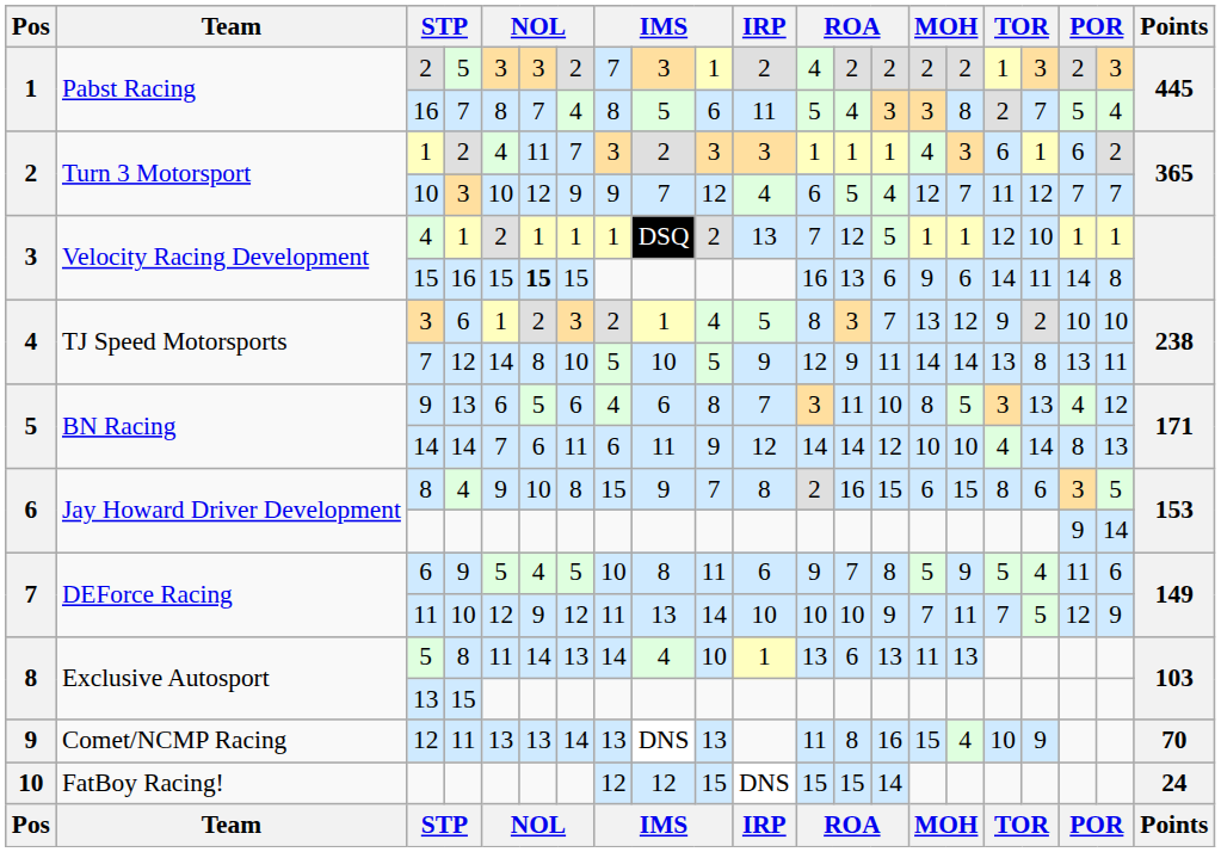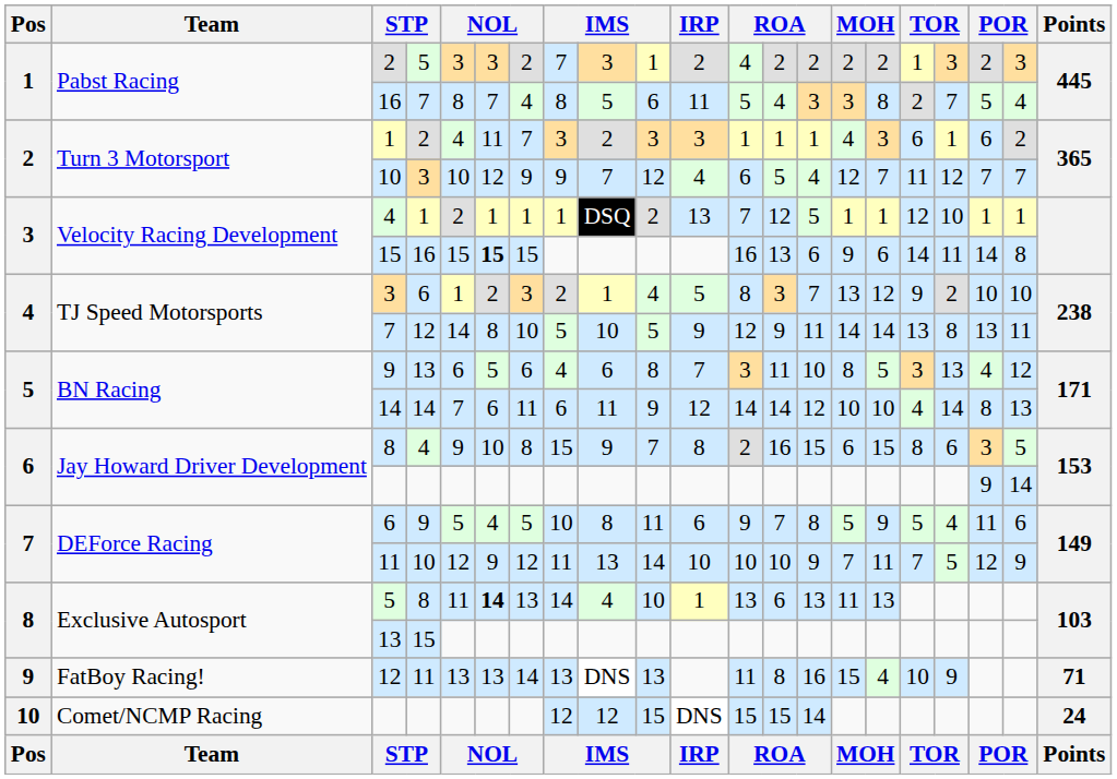 <table class="wikitable" style="font-size:85%; text-align:center">
 <tr>
 <th valign="middle">Pos</th>
 <th valign="middle">Team</th>
 <th colspan="2"><a href='#'>STP</a></th>
 <th colspan="3"><a href='#'>NOL</a></th>
 <th colspan="3"><a href='#'>IMS</a></th>
 <th><a href='#'>IRP</a></th>
 <th colspan="3"><a href='#'>ROA</a></th>
 <th colspan="2"><a href='#'>MOH</a></th>
 <th colspan="2"><a href='#'>TOR</a></th>
 <th colspan="2"><a href='#'>POR</a></th>
 <th valign="middle">Points</th>
 </tr>
 <tr>
 <th rowspan="2">1</th>
 <td rowspan="2" align="left"><a href='#'>Pabst Racing</a></td>
 <td style="background:#DFDFDF;">2</td>
 <td style="background:#DFFFDF;">5</td>
 <td style="background:#FFDF9F;">3</td>
 <td style="background:#FFDF9F;">3</td>
 <td style="background:#DFDFDF;">2</td>
 <td style="background:#CFEAFF;">7</td>
 <td style="background:#FFDF9F;">3</td>
 <td style="background:#FFFFBF;">1</td>
 <td style="background:#DFDFDF;">2</td>
 <td style="background:#DFFFDF;">4</td>
 <td style="background:#DFDFDF;">2</td>
 <td style="background:#DFDFDF;">2</td>
 <td style="background:#DFDFDF;">2</td>
 <td style="background:#DFDFDF;">2</td>
 <td style="background:#FFFFBF;">1</td>
 <td style="background:#FFDF9F;">3</td>
 <td style="background:#DFDFDF;">2</td>
 <td style="background:#FFDF9F;">3</td>
 <th rowspan="2">445</th>
 </tr>
 <tr>
 <td style="background:#CFEAFF;">16</td>
 <td style="background:#CFEAFF;">7</td>
 <td style="background:#CFEAFF;">8</td>
 <td style="background:#CFEAFF;">7</td>
 <td style="background:#DFFFDF;">4</td>
 <td style="background:#CFEAFF;">8</td>
 <td style="background:#DFFFDF;">5</td>
 <td style="background:#CFEAFF;">6</td>
 <td style="background:#CFEAFF;">11</td>
 <td style="background:#DFFFDF;">5</td>
 <td style="background:#DFFFDF;">4</td>
 <td style="background:#FFDF9F;">3</td>
 <td style="background:#FFDF9F;">3</td>
 <td style="background:#CFEAFF;">8</td>
 <td style="background:#DFDFDF;">2</td>
 <td style="background:#CFEAFF;">7</td>
 <td style="background:#DFFFDF;">5</td>
 <td style="background:#DFFFDF;">4</td>
 </tr>
 <tr>
 <th rowspan="2">2</th>
 <td rowspan="2" align="left"><a href='#'>Turn 3 Motorsport</a></td>
 <td style="background:#FFFFBF;">1</td>
 <td style="background:#DFDFDF;">2</td>
 <td style="background:#DFFFDF;">4</td>
 <td style="background:#CFEAFF;">11</td>
 <td style="background:#CFEAFF;">7</td>
 <td style="background:#FFDF9F;">3</td>
 <td style="background:#DFDFDF;">2</td>
 <td style="background:#FFDF9F;">3</td>
 <td style="background:#FFDF9F;">3</td>
 <td style="background:#FFFFBF;">1</td>
 <td style="background:#FFFFBF;">1</td>
 <td style="background:#FFFFBF;">1</td>
 <td style="background:#DFFFDF;">4</td>
 <td style="background:#FFDF9F;">3</td>
 <td style="background:#CFEAFF;">6</td>
 <td style="background:#FFFFBF;">1</td>
 <td style="background:#CFEAFF;">6</td>
 <td style="background:#DFDFDF;">2</td>
 <th rowspan="2">365</th>
 </tr>
 <tr>
 <td style="background:#CFEAFF;">10</td>
 <td style="background:#FFDF9F;">3</td>
 <td style="background:#CFEAFF;">10</td>
 <td style="background:#CFEAFF;">12</td>
 <td style="background:#CFEAFF;">9</td>
 <td style="background:#CFEAFF;">9</td>
 <td style="background:#CFEAFF;">7</td>
 <td style="background:#CFEAFF;">12</td>
 <td style="background:#DFFFDF;">4</td>
 <td style="background:#CFEAFF;">6</td>
 <td style="background:#DFFFDF;">5</td>
 <td style="background:#DFFFDF;">4</td>
 <td style="background:#CFEAFF;">12</td>
 <td style="background:#CFEAFF;">7</td>
 <td style="background:#CFEAFF;">11</td>
 <td style="background:#CFEAFF;">12</td>
 <td style="background:#CFEAFF;">7</td>
 <td style="background:#CFEAFF;">7</td>
 </tr>
 <tr>
 <th rowspan="2">3</th>
 <td rowspan="2" align="left"><a href='#'>Velocity Racing Development</a></td>
 <td style="background:#DFFFDF;">4</td>
 <td style="background:#FFFFBF;">1</td>
 <td style="background:#DFDFDF;">2</td>
 <td style="background:#FFFFBF;">1</td>
 <td style="background:#FFFFBF;">1</td>
 <td style="background:#FFFFBF;">1</td>
 <td style="background:#000000; color:white;">DSQ</td>
 <td style="background:#DFDFDF;">2</td>
 <td style="background:#CFEAFF;">13</td>
 <td style="background:#CFEAFF;">7</td>
 <td style="background:#CFEAFF;">12</td>
 <td style="background:#DFFFDF;">5</td>
 <td style="background:#FFFFBF;">1</td>
 <td style="background:#FFFFBF;">1</td>
 <td style="background:#CFEAFF;">12</td>
 <td style="background:#CFEAFF;">10</td>
 <td style="background:#FFFFBF;">1</td>
 <td style="background:#FFFFBF;">1</td>
 <th rowspan="2"></th>
 </tr>
 <tr>
 <td style="background:#CFEAFF;">15</td>
 <td style="background:#CFEAFF;">16</td>
 <td style="background:#CFEAFF;">15</td>
 <td style="background:#CFEAFF;"><strong>15</strong></td>
 <td style="background:#CFEAFF;">15</td>
 <td></td>
 <td></td>
 <td></td>
 <td></td>
 <td style="background:#CFEAFF;">16</td>
 <td style="background:#CFEAFF;">13</td>
 <td style="background:#CFEAFF;">6</td>
 <td style="background:#CFEAFF;">9</td>
 <td style="background:#CFEAFF;">6</td>
 <td style="background:#CFEAFF;">14</td>
 <td style="background:#CFEAFF;">11</td>
 <td style="background:#CFEAFF;">14</td>
 <td style="background:#CFEAFF;">8</td>
 </tr>
 <tr>
 <th rowspan="2">4</th>
 <td rowspan="2" align="left">TJ Speed Motorsports</td>
 <td style="background:#FFDF9F;">3</td>
 <td style="background:#CFEAFF;">6</td>
 <td style="background:#FFFFBF;">1</td>
 <td style="background:#DFDFDF;">2</td>
 <td style="background:#FFDF9F;">3</td>
 <td style="background:#DFDFDF;">2</td>
 <td style="background:#FFFFBF;">1</td>
 <td style="background:#DFFFDF;">4</td>
 <td style="background:#DFFFDF;">5</td>
 <td style="background:#CFEAFF;">8</td>
 <td style="background:#FFDF9F;">3</td>
 <td style="background:#CFEAFF;">7</td>
 <td style="background:#CFEAFF;">13</td>
 <td style="background:#CFEAFF;">12</td>
 <td style="background:#CFEAFF;">9</td>
 <td style="background:#DFDFDF;">2</td>
 <td style="background:#CFEAFF;">10</td>
 <td style="background:#CFEAFF;">10</td>
 <th rowspan="2">238</th>
 </tr>
 <tr>
 <td style="background:#CFEAFF;">7</td>
 <td style="background:#CFEAFF;">12</td>
 <td style="background:#CFEAFF;">14</td>
 <td style="background:#CFEAFF;">8</td>
 <td style="background:#CFEAFF;">10</td>
 <td style="background:#DFFFDF;">5</td>
 <td style="background:#CFEAFF;">10</td>
 <td style="background:#DFFFDF;">5</td>
 <td style="background:#CFEAFF;">9</td>
 <td style="background:#CFEAFF;">12</td>
 <td style="background:#CFEAFF;">9</td>
 <td style="background:#CFEAFF;">11</td>
 <td style="background:#CFEAFF;">14</td>
 <td style="background:#CFEAFF;">14</td>
 <td style="background:#CFEAFF;">13</td>
 <td style="background:#CFEAFF;">8</td>
 <td style="background:#CFEAFF;">13</td>
 <td style="background:#CFEAFF;">11</td>
 </tr>
 <tr>
 <th rowspan="2">5</th>
 <td rowspan="2" align="left"><a href='#'>BN Racing</a></td>
 <td style="background:#CFEAFF;">9</td>
 <td style="background:#CFEAFF;">13</td>
 <td style="background:#CFEAFF;">6</td>
 <td style="background:#DFFFDF;">5</td>
 <td style="background:#CFEAFF;">6</td>
 <td style="background:#DFFFDF;">4</td>
 <td style="background:#CFEAFF;">6</td>
 <td style="background:#CFEAFF;">8</td>
 <td style="background:#CFEAFF;">7</td>
 <td style="background:#FFDF9F;">3</td>
 <td style="background:#CFEAFF;">11</td>
 <td style="background:#CFEAFF;">10</td>
 <td style="background:#CFEAFF;">8</td>
 <td style="background:#DFFFDF;">5</td>
 <td style="background:#FFDF9F;">3</td>
 <td style="background:#CFEAFF;">13</td>
 <td style="background:#DFFFDF;">4</td>
 <td style="background:#CFEAFF;">12</td>
 <th rowspan="2">171</th>
 </tr>
 <tr>
 <td style="background:#CFEAFF;">14</td>
 <td style="background:#CFEAFF;">14</td>
 <td style="background:#CFEAFF;">7</td>
 <td style="background:#CFEAFF;">6</td>
 <td style="background:#CFEAFF;">11</td>
 <td style="background:#CFEAFF;">6</td>
 <td style="background:#CFEAFF;">11</td>
 <td style="background:#CFEAFF;">9</td>
 <td style="background:#CFEAFF;">12</td>
 <td style="background:#CFEAFF;">14</td>
 <td style="background:#CFEAFF;">14</td>
 <td style="background:#CFEAFF;">12</td>
 <td style="background:#CFEAFF;">10</td>
 <td style="background:#CFEAFF;">10</td>
 <td style="background:#DFFFDF;">4</td>
 <td style="background:#CFEAFF;">14</td>
 <td style="background:#CFEAFF;">8</td>
 <td style="background:#CFEAFF;">13</td>
 </tr>
 <tr>
 <th rowspan="2">6</th>
 <td rowspan="2" align="left"><a href='#'>Jay Howard Driver Development</a></td>
 <td style="background:#CFEAFF;">8</td>
 <td style="background:#DFFFDF;">4</td>
 <td style="background:#CFEAFF;">9</td>
 <td style="background:#CFEAFF;">10</td>
 <td style="background:#CFEAFF;">8</td>
 <td style="background:#CFEAFF;">15</td>
 <td style="background:#CFEAFF;">9</td>
 <td style="background:#CFEAFF;">7</td>
 <td style="background:#CFEAFF;">8</td>
 <td style="background:#DFDFDF;">2</td>
 <td style="background:#CFEAFF;">16</td>
 <td style="background:#CFEAFF;">15</td>
 <td style="background:#CFEAFF;">6</td>
 <td style="background:#CFEAFF;">15</td>
 <td style="background:#CFEAFF;">8</td>
 <td style="background:#CFEAFF;">6</td>
 <td style="background:#FFDF9F;">3</td>
 <td style="background:#DFFFDF;">5</td>
 <th rowspan="2">153</th>
 </tr>
 <tr>
 <td></td>
 <td></td>
 <td></td>
 <td></td>
 <td></td>
 <td></td>
 <td></td>
 <td></td>
 <td></td>
 <td></td>
 <td></td>
 <td></td>
 <td></td>
 <td></td>
 <td></td>
 <td></td>
 <td style="background:#CFEAFF;">9</td>
 <td style="background:#CFEAFF;">14</td>
 </tr>
 <tr>
 <th rowspan="2">7</th>
 <td rowspan="2" align="left"><a href='#'>DEForce Racing</a></td>
 <td style="background:#CFEAFF;">6</td>
 <td style="background:#CFEAFF;">9</td>
 <td style="background:#DFFFDF;">5</td>
 <td style="background:#DFFFDF;">4</td>
 <td style="background:#DFFFDF;">5</td>
 <td style="background:#CFEAFF;">10</td>
 <td style="background:#CFEAFF;">8</td>
 <td style="background:#CFEAFF;">11</td>
 <td style="background:#CFEAFF;">6</td>
 <td style="background:#CFEAFF;">9</td>
 <td style="background:#CFEAFF;">7</td>
 <td style="background:#CFEAFF;">8</td>
 <td style="background:#DFFFDF;">5</td>
 <td style="background:#CFEAFF;">9</td>
 <td style="background:#DFFFDF;">5</td>
 <td style="background:#DFFFDF;">4</td>
 <td style="background:#CFEAFF;">11</td>
 <td style="background:#CFEAFF;">6</td>
 <th rowspan="2">149</th>
 </tr>
 <tr>
 <td style="background:#CFEAFF;">11</td>
 <td style="background:#CFEAFF;">10</td>
 <td style="background:#CFEAFF;">12</td>
 <td style="background:#CFEAFF;">9</td>
 <td style="background:#CFEAFF;">12</td>
 <td style="background:#CFEAFF;">11</td>
 <td style="background:#CFEAFF;">13</td>
 <td style="background:#CFEAFF;">14</td>
 <td style="background:#CFEAFF;">10</td>
 <td style="background:#CFEAFF;">10</td>
 <td style="background:#CFEAFF;">10</td>
 <td style="background:#CFEAFF;">9</td>
 <td style="background:#CFEAFF;">7</td>
 <td style="background:#CFEAFF;">11</td>
 <td style="background:#CFEAFF;">7</td>
 <td style="background:#DFFFDF;">5</td>
 <td style="background:#CFEAFF;">12</td>
 <td style="background:#CFEAFF;">9</td>
 </tr>
 <tr>
 <th rowspan="2">8</th>
 <td rowspan="2" align="left">Exclusive Autosport</td>
 <td style="background:#DFFFDF;">5</td>
 <td style="background:#CFEAFF;">8</td>
 <td style="background:#CFEAFF;">11</td>
-<td style="background:#CFEAFF;">14</td>
+<td style="background:#CFEAFF;"><strong>14</strong></td>
 <td style="background:#CFEAFF;">13</td>
 <td style="background:#CFEAFF;">14</td>
 <td style="background:#DFFFDF;">4</td>
 <td style="background:#CFEAFF;">10</td>
 <td style="background:#FFFFBF;">1</td>
 <td style="background:#CFEAFF;">13</td>
 <td style="background:#CFEAFF;">6</td>
 <td style="background:#CFEAFF;">13</td>
 <td style="background:#CFEAFF;">11</td>
 <td style="background:#CFEAFF;">13</td>
 <td></td>
 <td></td>
 <td></td>
 <td></td>
 <th rowspan="2">103</th>
 </tr>
 <tr>
 <td style="background:#CFEAFF;">13</td>
 <td style="background:#CFEAFF;">15</td>
 <td></td>
 <td></td>
 <td></td>
 <td></td>
 <td></td>
 <td></td>
 <td></td>
 <td></td>
 <td></td>
 <td></td>
 <td></td>
 <td></td>
 <td></td>
 <td></td>
 <td></td>
 <td></td>
 </tr>
 <tr>
 <th>9</th>
-<td align="left">Comet/NCMP Racing</td>
+<td align="left">FatBoy Racing!</td>
 <td style="background:#CFEAFF;">12</td>
 <td style="background:#CFEAFF;">11</td>
 <td style="background:#CFEAFF;">13</td>
 <td style="background:#CFEAFF;">13</td>
 <td style="background:#CFEAFF;">14</td>
 <td style="background:#CFEAFF;">13</td>
 <td style="background:#FFFFFF;">DNS</td>
 <td style="background:#CFEAFF;">13</td>
 <td></td>
 <td style="background:#CFEAFF;">11</td>
 <td style="background:#CFEAFF;">8</td>
 <td style="background:#CFEAFF;">16</td>
 <td style="background:#CFEAFF;">15</td>
 <td style="background:#DFFFDF;">4</td>
 <td style="background:#CFEAFF;">10</td>
 <td style="background:#CFEAFF;">9</td>
 <td></td>
 <td></td>
-<th>70</th>
+<th>71</th>
 </tr>
 <tr>
 <th>10</th>
-<td align="left">FatBoy Racing!</td>
+<td align="left">Comet/NCMP Racing</td>
 <td></td>
 <td></td>
 <td></td>
 <td></td>
 <td></td>
 <td style="background:#CFEAFF;">12</td>
 <td style="background:#CFEAFF;">12</td>
 <td style="background:#CFEAFF;">15</td>
 <td style="background:#FFFFFF;">DNS</td>
 <td style="background:#CFEAFF;">15</td>
 <td style="background:#CFEAFF;">15</td>
 <td style="background:#CFEAFF;">14</td>
 <td></td>
 <td></td>
 <td></td>
 <td></td>
 <td></td>
 <td></td>
 <th>24</th>
 </tr>
 <tr>
 <th>Pos</th>
 <th>Team</th>
 <th colspan="2"><a href='#'>STP</a></th>
 <th colspan="3"><a href='#'>NOL</a></th>
 <th colspan="3"><a href='#'>IMS</a></th>
 <th><a href='#'>IRP</a></th>
 <th colspan="3"><a href='#'>ROA</a></th>
 <th colspan="2"><a href='#'>MOH</a></th>
 <th colspan="2"><a href='#'>TOR</a></th>
 <th colspan="2"><a href='#'>POR</a></th>
 <th>Points</th>
 </tr>
 </table>
